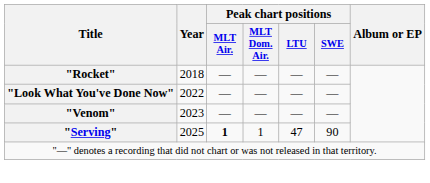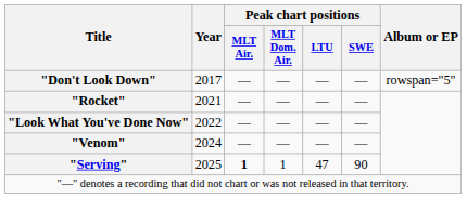 <table class="wikitable plainrowheaders" style="text-align:center;">
 <tr>
 <th scope="col" rowspan="2">Title</th>
 <th scope="col" rowspan="2">Year</th>
 <th colspan="4">Peak chart positions</th>
 <th scope="col" rowspan="2">Album or EP</th>
 </tr>
 <tr>
 <th scope="col" style="width:3em;font-size:85%;"><a href='#'>MLT<br>Air.</a><br></th>
 <th scope="col" style="width:3em;font-size:85%;"><a href='#'>MLT<br>Dom.<br>Air.</a><br></th>
 <th scope="col" style="width:3em;font-size:85%;"><a href='#'>LTU</a><br></th>
 <th scope="col" style="width:3em;font-size:85%;"><a href='#'>SWE</a><br></th>
 </tr>
 <tr>
+<th scope="row">"Don't Look Down"</th>
+<td>2017</td>
+<td>—</td>
+<td>—</td>
+<td>—</td>
+<td>—</td>
+<td>rowspan="5" </td>
+</tr>
+<tr>
 <th scope="row">"Rocket"</th>
-<td>2018</td>
+<td>2021</td>
 <td>—</td>
 <td>—</td>
 <td>—</td>
 <td>—</td>
 </tr>
 <tr>
 <th scope="row">"Look What You've Done Now"</th>
 <td>2022</td>
 <td>—</td>
 <td>—</td>
 <td>—</td>
 <td>—</td>
 </tr>
 <tr>
 <th scope="row">"Venom"</th>
-<td>2023</td>
+<td>2024</td>
 <td>—</td>
 <td>—</td>
 <td>—</td>
 <td>—</td>
 </tr>
 <tr>
 <th scope="row">"<a href='#'>Serving</a>"</th>
 <td>2025</td>
 <td><strong>1</strong></td>
 <td>1</td>
 <td>47</td>
 <td>90</td>
 </tr>
 <tr>
 <td colspan="7" style="font-size:85%">"—" denotes a recording that did not chart or was not released in that territory.</td>
 </tr>
 </table>
